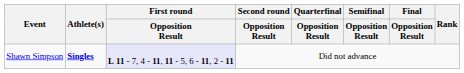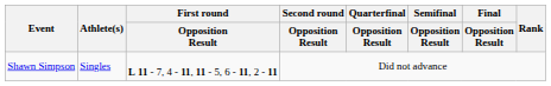 <table class="wikitable" border="1" style="font-size:90%">
 <tr>
 <th rowspan=2>Event</th>
 <th rowspan=2>Athlete(s)</th>
 <th>First round</th>
 <th>Second round</th>
 <th>Quarterfinal</th>
 <th>Semifinal</th>
 <th>Final</th>
 <th rowspan=2>Rank</th>
 </tr>
 <tr>
 <th>Opposition<br>Result</th>
 <th>Opposition<br>Result</th>
 <th>Opposition<br>Result</th>
 <th>Opposition<br>Result</th>
 <th>Opposition<br>Result</th>
 </tr>
 <tr>
 <td><a href='#'>Shawn Simpson</a></td>
-<td><strong><a href='#'>Singles</a></strong></td>
-<td align=center style="background: lavender;"><br> <strong>L</strong> <strong>11</strong> - 7, 4 - <strong>11</strong>, <strong>11</strong> - 5, 6 - <strong>11</strong>, 2 - <strong>11</strong></td>
+<td><a href='#'>Singles</a></td>
+<td align=center><br> <strong>L</strong> <strong>11</strong> - 7, 4 - <strong>11</strong>, <strong>11</strong> - 5, 6 - <strong>11</strong>, 2 - <strong>11</strong></td>
 <td align=center colspan=5>Did not advance</td>
 </tr>
 </table>
